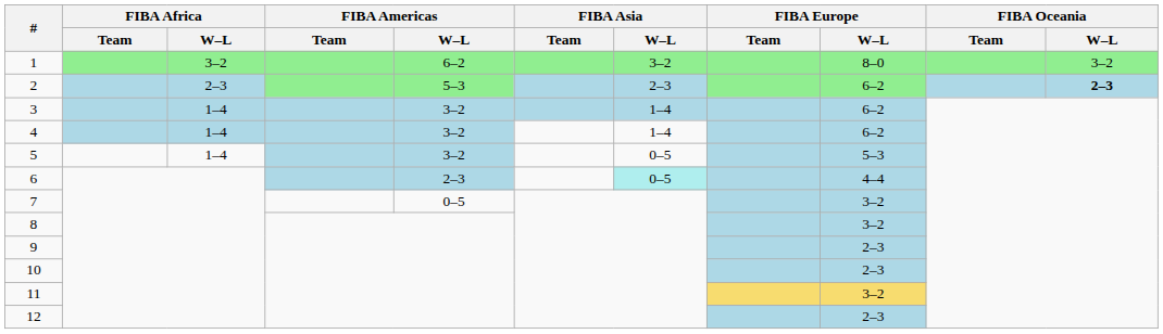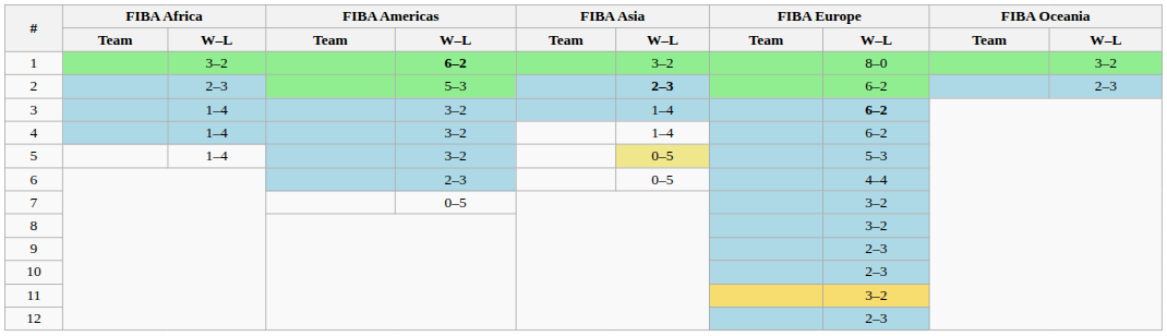 <table class=wikitable style="text-align:center;" width=100%>
 <tr>
 <th rowspan=2 width=5%>#</th>
 <th colspan=2>FIBA Africa<br></th>
 <th colspan="2">FIBA Americas<br></th>
 <th colspan="2">FIBA Asia<br></th>
 <th colspan="2">FIBA Europe<br></th>
 <th colspan="2">FIBA Oceania<br></th>
 </tr>
 <tr>
 <th>Team</th>
 <th>W–L</th>
 <th>Team</th>
 <th>W–L</th>
 <th>Team</th>
 <th>W–L</th>
 <th>Team</th>
 <th>W–L</th>
 <th>Team</th>
 <th>W–L</th>
 </tr>
 <tr>
 <td>1</td>
 <td align=left bgcolor=lightgreen></td>
 <td bgcolor=lightgreen>3–2</td>
 <td align=left bgcolor=lightgreen></td>
-<td bgcolor=lightgreen>6–2</td>
+<td bgcolor=lightgreen><strong>6–2</strong></td>
 <td align=left bgcolor=lightgreen></td>
 <td bgcolor=lightgreen>3–2</td>
 <td align=left bgcolor=lightgreen></td>
 <td bgcolor=lightgreen>8–0</td>
 <td align=left bgcolor=lightgreen></td>
 <td bgcolor=lightgreen>3–2</td>
 </tr>
 <tr>
 <td>2</td>
 <td align=left bgcolor=lightblue></td>
 <td bgcolor=lightblue>2–3</td>
 <td align=left bgcolor=lightgreen></td>
 <td bgcolor=lightgreen>5–3</td>
 <td align=left bgcolor=lightblue></td>
-<td bgcolor=lightblue>2–3</td>
+<td bgcolor=lightblue><strong>2–3</strong></td>
 <td align=left bgcolor=lightgreen></td>
 <td bgcolor=lightgreen>6–2</td>
 <td align=left bgcolor=lightblue></td>
-<td bgcolor=lightblue><strong>2–3</strong></td>
+<td bgcolor=lightblue>2–3</td>
 </tr>
 <tr>
 <td>3</td>
 <td align=left bgcolor=lightblue></td>
 <td bgcolor=lightblue>1–4</td>
 <td align=left bgcolor=lightblue></td>
 <td bgcolor=lightblue>3–2</td>
 <td align=left bgcolor=lightblue></td>
 <td bgcolor=lightblue>1–4</td>
 <td align=left bgcolor=lightblue></td>
-<td bgcolor=lightblue>6–2</td>
+<td bgcolor=lightblue><strong>6–2</strong></td>
 <td rowspan=10 colspan=2></td>
 </tr>
 <tr>
 <td>4</td>
 <td align=left bgcolor=lightblue></td>
 <td bgcolor=lightblue>1–4</td>
 <td align=left bgcolor=lightblue></td>
 <td bgcolor=lightblue>3–2</td>
 <td align=left></td>
 <td>1–4</td>
 <td align=left bgcolor=lightblue></td>
 <td bgcolor=lightblue>6–2</td>
 </tr>
 <tr>
 <td>5</td>
 <td align=left></td>
 <td>1–4</td>
 <td align=left bgcolor=lightblue></td>
 <td bgcolor=lightblue>3–2</td>
 <td align=left></td>
-<td>0–5</td>
+<td style="background: khaki;">0–5</td>
 <td align=left bgcolor=lightblue></td>
 <td bgcolor=lightblue>5–3</td>
 </tr>
 <tr>
 <td>6</td>
 <td rowspan=7 colspan=2></td>
 <td align=left bgcolor=lightblue></td>
 <td bgcolor=lightblue>2–3</td>
 <td align=left></td>
-<td style="background: paleturquoise;">0–5</td>
+<td>0–5</td>
 <td align=left bgcolor=lightblue></td>
 <td bgcolor=lightblue>4–4</td>
 </tr>
 <tr>
 <td>7</td>
 <td align=left></td>
 <td>0–5</td>
 <td rowspan=6 colspan=2></td>
 <td align=left bgcolor=lightblue></td>
 <td bgcolor=lightblue>3–2</td>
 </tr>
 <tr>
 <td>8</td>
 <td rowspan=5 colspan=2></td>
 <td align=left bgcolor=lightblue></td>
 <td bgcolor=lightblue>3–2</td>
 </tr>
 <tr>
 <td>9</td>
 <td align=left bgcolor=lightblue></td>
 <td bgcolor=lightblue>2–3</td>
 </tr>
 <tr>
 <td>10</td>
 <td align=left bgcolor=lightblue></td>
 <td bgcolor=lightblue>2–3</td>
 </tr>
 <tr>
 <td>11</td>
 <td align=left bgcolor=F7DC6F></td>
 <td bgcolor=F7DC6F>3–2</td>
 </tr>
 <tr>
 <td>12</td>
 <td align=left bgcolor=lightblue></td>
 <td bgcolor=lightblue>2–3</td>
 </tr>
 </table>
